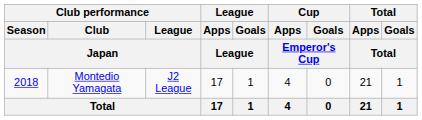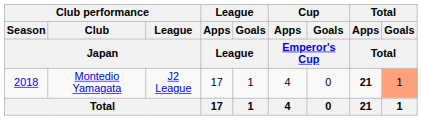 <table class="wikitable" style="text-align:center;">
 <tr>
 <th colspan=3>Club performance</th>
 <th colspan=2>League</th>
 <th colspan=2>Cup</th>
 <th colspan=2>Total</th>
 </tr>
 <tr>
 <th>Season</th>
 <th>Club</th>
 <th>League</th>
 <th>Apps</th>
 <th>Goals</th>
 <th>Apps</th>
 <th>Goals</th>
 <th>Apps</th>
 <th>Goals</th>
 </tr>
 <tr>
 <th colspan=3>Japan</th>
 <th colspan=2>League</th>
 <th colspan=2><a href='#'>Emperor's Cup</a></th>
 <th colspan=2>Total</th>
 </tr>
 <tr>
 <td><a href='#'>2018</a></td>
 <td rowspan="1"><a href='#'>Montedio Yamagata</a></td>
 <td rowspan="1"><a href='#'>J2 League</a></td>
 <td>17</td>
 <td>1</td>
 <td>4</td>
 <td>0</td>
-<td>21</td>
-<td>1</td>
+<td><strong>21</strong></td>
+<td style="background: lightsalmon;">1</td>
 </tr>
 <tr>
 <th colspan=3>Total</th>
 <th>17</th>
 <th>1</th>
 <th>4</th>
 <th>0</th>
 <th>21</th>
 <th>1</th>
 </tr>
 </table>
